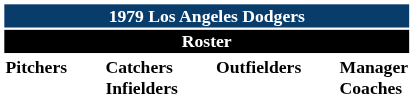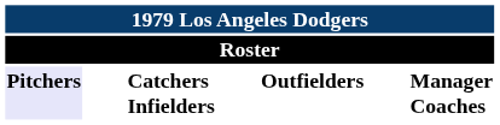 <table class="toccolours" style="font-size: 95%;">
 <tr>
 <th colspan="10" style="background-color: #083c6b; color: white; text-align: center;">1979 Los Angeles Dodgers</th>
 </tr>
 <tr>
 <td colspan="10" style="background-color: black; color: white; text-align: center;"><strong>Roster</strong></td>
 </tr>
 <tr>
-<td valign="top"><strong>Pitchers</strong><br>                                  </td>
+<td valign="top" style="background: lavender;"><strong>Pitchers</strong><br>                                  </td>
 <td width="25px"></td>
 <td valign="top"><strong>Catchers</strong><br>   <strong>Infielders</strong>     </td>
 <td width="25px"></td>
 <td valign="top"><strong>Outfielders</strong><br>         </td>
 <td width="25px"></td>
 <td valign="top"><strong>Manager</strong><br> <strong>Coaches</strong>     </td>
 </tr>
 </table>
